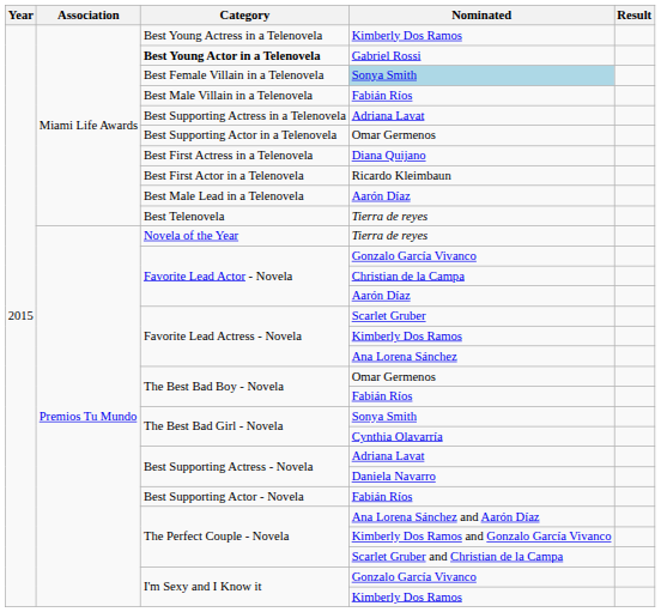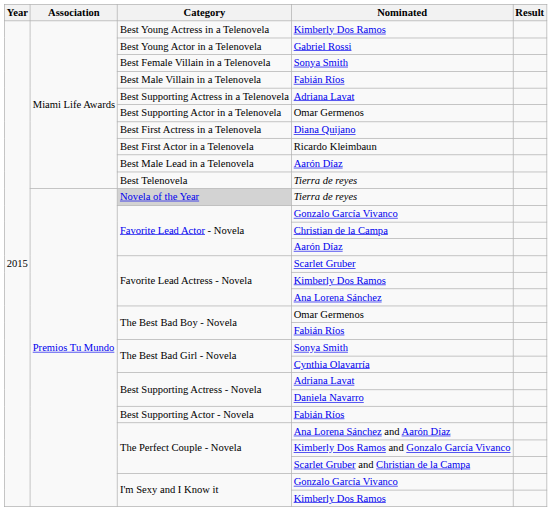 <table class="wikitable sortable">
 <tr>
 <th>Year</th>
 <th>Association</th>
 <th>Category</th>
 <th>Nominated</th>
 <th>Result</th>
 </tr>
 <tr>
 <td rowspan=29>2015</td>
 <td rowspan=10>Miami Life Awards</td>
 <td>Best Young Actress in a Telenovela</td>
 <td><a href='#'>Kimberly Dos Ramos</a></td>
 <td></td>
 </tr>
 <tr>
-<td><strong>Best Young Actor in a Telenovela</strong></td>
+<td>Best Young Actor in a Telenovela</td>
 <td><a href='#'>Gabriel Rossi</a></td>
 <td></td>
 </tr>
 <tr>
 <td>Best Female Villain in a Telenovela</td>
-<td style="background: lightblue;"><a href='#'>Sonya Smith</a></td>
+<td><a href='#'>Sonya Smith</a></td>
 <td></td>
 </tr>
 <tr>
 <td>Best Male Villain in a Telenovela</td>
 <td><a href='#'>Fabián Ríos</a></td>
 <td></td>
 </tr>
 <tr>
 <td>Best Supporting Actress in a Telenovela</td>
 <td><a href='#'>Adriana Lavat</a></td>
 <td></td>
 </tr>
 <tr>
 <td>Best Supporting Actor in a Telenovela</td>
 <td>Omar Germenos</td>
 <td></td>
 </tr>
 <tr>
 <td>Best First Actress in a Telenovela</td>
 <td><a href='#'>Diana Quijano</a></td>
 <td></td>
 </tr>
 <tr>
 <td>Best First Actor in a Telenovela</td>
 <td>Ricardo Kleimbaun</td>
 <td></td>
 </tr>
 <tr>
 <td>Best Male Lead in a Telenovela</td>
 <td><a href='#'>Aarón Díaz</a></td>
 <td></td>
 </tr>
 <tr>
 <td>Best Telenovela</td>
 <td><em>Tierra de reyes</em></td>
 <td></td>
 </tr>
 <tr>
 <td rowspan=19><a href='#'>Premios Tu Mundo</a></td>
-<td><a href='#'>Novela of the Year</a></td>
+<td style="background: lightgrey;"><a href='#'>Novela of the Year</a></td>
 <td><em>Tierra de reyes</em></td>
 <td></td>
 </tr>
 <tr>
 <td rowspan=3><a href='#'>Favorite Lead Actor</a> - Novela</td>
 <td><a href='#'>Gonzalo García Vivanco</a></td>
 <td></td>
 </tr>
 <tr>
 <td><a href='#'>Christian de la Campa</a></td>
 <td></td>
 </tr>
 <tr>
 <td><a href='#'>Aarón Díaz</a></td>
 <td></td>
 </tr>
 <tr>
 <td rowspan=3>Favorite Lead Actress - Novela</td>
 <td><a href='#'>Scarlet Gruber</a></td>
 <td></td>
 </tr>
 <tr>
 <td><a href='#'>Kimberly Dos Ramos</a></td>
 <td></td>
 </tr>
 <tr>
 <td><a href='#'>Ana Lorena Sánchez</a></td>
 <td></td>
 </tr>
 <tr>
 <td rowspan=2>The Best Bad Boy - Novela</td>
 <td>Omar Germenos</td>
 <td></td>
 </tr>
 <tr>
 <td><a href='#'>Fabián Ríos</a></td>
 <td></td>
 </tr>
 <tr>
 <td rowspan=2>The Best Bad Girl - Novela</td>
 <td><a href='#'>Sonya Smith</a></td>
 <td></td>
 </tr>
 <tr>
 <td><a href='#'>Cynthia Olavarría</a></td>
 <td></td>
 </tr>
 <tr>
 <td rowspan=2>Best Supporting Actress - Novela</td>
 <td><a href='#'>Adriana Lavat</a></td>
 <td></td>
 </tr>
 <tr>
 <td><a href='#'>Daniela Navarro</a></td>
 <td></td>
 </tr>
 <tr>
 <td>Best Supporting Actor - Novela</td>
 <td><a href='#'>Fabián Ríos</a></td>
 <td></td>
 </tr>
 <tr>
 <td rowspan=3>The Perfect Couple - Novela</td>
 <td><a href='#'>Ana Lorena Sánchez</a> and <a href='#'>Aarón Díaz</a></td>
 <td></td>
 </tr>
 <tr>
 <td><a href='#'>Kimberly Dos Ramos</a> and <a href='#'>Gonzalo García Vivanco</a></td>
 <td></td>
 </tr>
 <tr>
 <td><a href='#'>Scarlet Gruber</a> and <a href='#'>Christian de la Campa</a></td>
 <td></td>
 </tr>
 <tr>
 <td rowspan=2>I'm Sexy and I Know it</td>
 <td><a href='#'>Gonzalo García Vivanco</a></td>
 <td></td>
 </tr>
 <tr>
 <td><a href='#'>Kimberly Dos Ramos</a></td>
 <td></td>
 </tr>
 </table>
